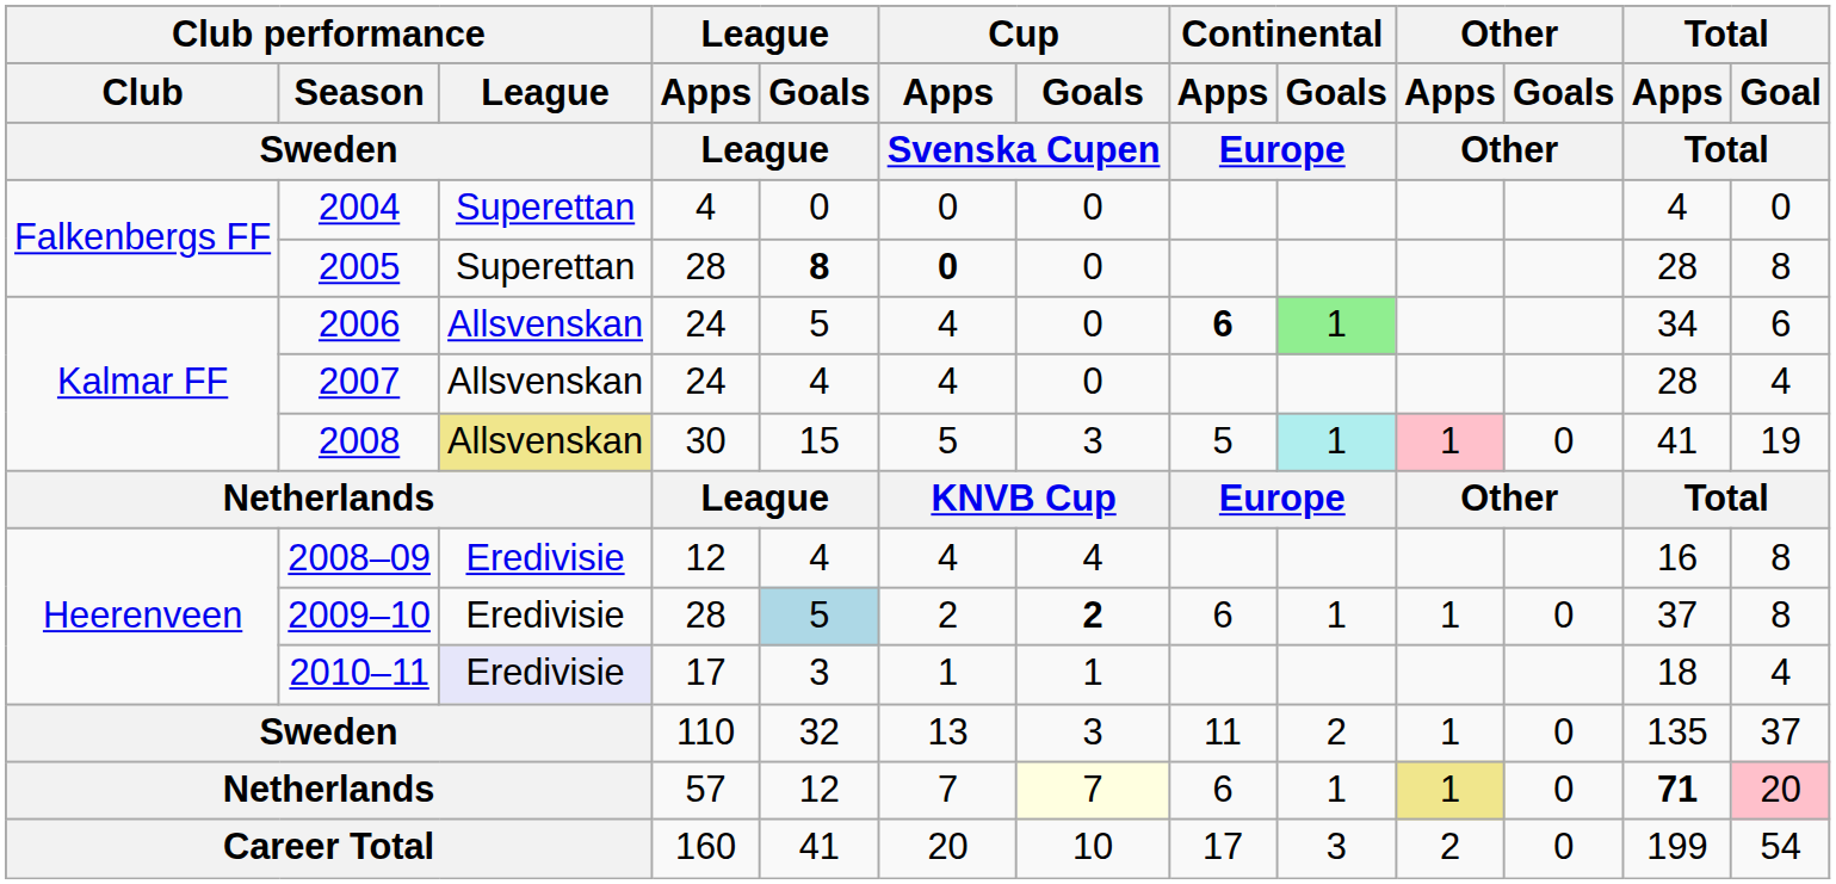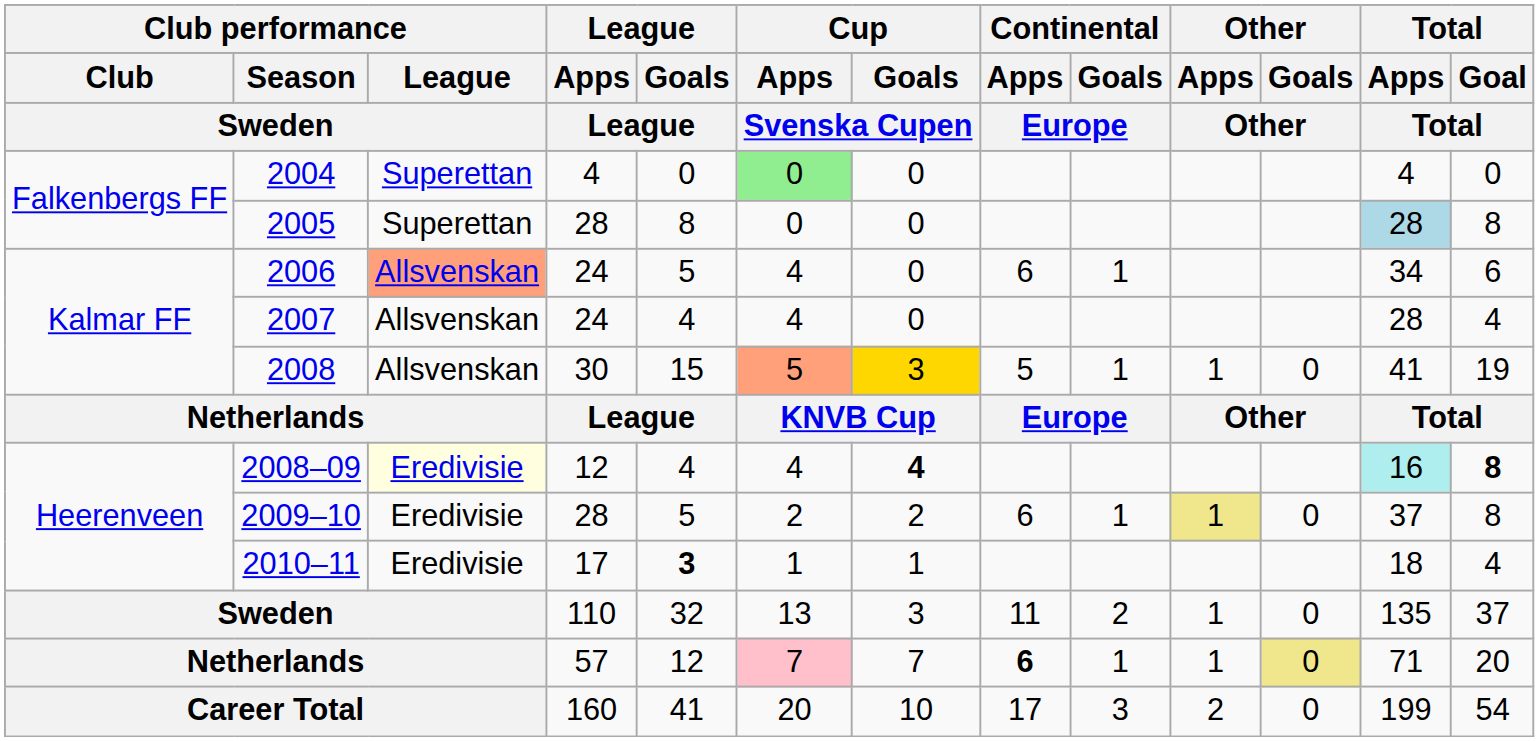 <table class="wikitable" style="text-align:center;">
 <tr>
 <th colspan="3">Club performance</th>
 <th colspan="2">League</th>
 <th colspan="2">Cup</th>
 <th colspan="2">Continental</th>
 <th colspan="2">Other</th>
 <th colspan="2">Total</th>
 </tr>
 <tr>
 <th>Club</th>
 <th>Season</th>
 <th>League</th>
 <th>Apps</th>
 <th>Goals</th>
 <th>Apps</th>
 <th>Goals</th>
 <th>Apps</th>
 <th>Goals</th>
 <th>Apps</th>
 <th>Goals</th>
 <th>Apps</th>
 <th>Goal</th>
 </tr>
 <tr>
 <th colspan="3">Sweden</th>
 <th colspan="2">League</th>
 <th colspan="2"><a href='#'>Svenska Cupen</a></th>
 <th colspan="2"><a href='#'>Europe</a></th>
 <th colspan="2">Other</th>
 <th colspan="2">Total</th>
 </tr>
 <tr>
 <td rowspan="2"><a href='#'>Falkenbergs FF</a></td>
 <td><a href='#'>2004</a></td>
 <td><a href='#'>Superettan</a></td>
 <td>4</td>
 <td>0</td>
-<td>0</td>
+<td style="background: lightgreen;">0</td>
 <td>0</td>
 <td></td>
 <td></td>
 <td></td>
 <td></td>
 <td>4</td>
 <td>0</td>
 </tr>
 <tr>
 <td><a href='#'>2005</a></td>
 <td>Superettan</td>
 <td>28</td>
-<td><strong>8</strong></td>
-<td><strong>0</strong></td>
+<td>8</td>
+<td>0</td>
 <td>0</td>
 <td></td>
 <td></td>
 <td></td>
 <td></td>
-<td>28</td>
+<td style="background: lightblue;">28</td>
 <td>8</td>
 </tr>
 <tr>
 <td rowspan="3"><a href='#'>Kalmar FF</a></td>
 <td><a href='#'>2006</a></td>
-<td><a href='#'>Allsvenskan</a></td>
+<td style="background: lightsalmon;"><a href='#'>Allsvenskan</a></td>
 <td>24</td>
 <td>5</td>
 <td>4</td>
 <td>0</td>
-<td><strong>6</strong></td>
-<td style="background: lightgreen;">1</td>
+<td>6</td>
+<td>1</td>
 <td></td>
 <td></td>
 <td>34</td>
 <td>6</td>
 </tr>
 <tr>
 <td><a href='#'>2007</a></td>
 <td>Allsvenskan</td>
 <td>24</td>
 <td>4</td>
 <td>4</td>
 <td>0</td>
 <td></td>
 <td></td>
 <td></td>
 <td></td>
 <td>28</td>
 <td>4</td>
 </tr>
 <tr>
 <td><a href='#'>2008</a></td>
-<td style="background: khaki;">Allsvenskan</td>
+<td>Allsvenskan</td>
 <td>30</td>
 <td>15</td>
+<td style="background: lightsalmon;">5</td>
+<td style="background: gold;">3</td>
 <td>5</td>
-<td>3</td>
-<td>5</td>
-<td style="background: paleturquoise;">1</td>
-<td style="background: pink;">1</td>
+<td>1</td>
+<td>1</td>
 <td>0</td>
 <td>41</td>
 <td>19</td>
 </tr>
 <tr>
 <th colspan="3">Netherlands</th>
 <th colspan="2">League</th>
 <th colspan="2"><a href='#'>KNVB Cup</a></th>
 <th colspan="2"><a href='#'>Europe</a></th>
 <th colspan="2">Other</th>
 <th colspan="2">Total</th>
 </tr>
 <tr>
 <td rowspan="3"><a href='#'>Heerenveen</a></td>
 <td><a href='#'>2008–09</a></td>
-<td><a href='#'>Eredivisie</a></td>
+<td style="background: lightyellow;"><a href='#'>Eredivisie</a></td>
 <td>12</td>
 <td>4</td>
 <td>4</td>
-<td>4</td>
+<td><strong>4</strong></td>
 <td></td>
 <td></td>
 <td></td>
 <td></td>
-<td>16</td>
-<td>8</td>
+<td style="background: paleturquoise;">16</td>
+<td><strong>8</strong></td>
 </tr>
 <tr>
 <td><a href='#'>2009–10</a></td>
 <td>Eredivisie</td>
 <td>28</td>
-<td style="background: lightblue;">5</td>
+<td>5</td>
 <td>2</td>
-<td><strong>2</strong></td>
+<td>2</td>
 <td>6</td>
 <td>1</td>
-<td>1</td>
+<td style="background: khaki;">1</td>
 <td>0</td>
 <td>37</td>
 <td>8</td>
 </tr>
 <tr>
 <td><a href='#'>2010–11</a></td>
-<td style="background: lavender;">Eredivisie</td>
+<td>Eredivisie</td>
 <td>17</td>
-<td>3</td>
+<td><strong>3</strong></td>
 <td>1</td>
 <td>1</td>
 <td></td>
 <td></td>
 <td></td>
 <td></td>
 <td>18</td>
 <td>4</td>
 </tr>
 <tr>
 <th colspan="3">Sweden</th>
 <td>110</td>
 <td>32</td>
 <td>13</td>
 <td>3</td>
 <td>11</td>
 <td>2</td>
 <td>1</td>
 <td>0</td>
 <td>135</td>
 <td>37</td>
 </tr>
 <tr>
 <th colspan="3" !>Netherlands</th>
 <td>57</td>
 <td>12</td>
+<td style="background: pink;">7</td>
 <td>7</td>
-<td style="background: lightyellow;">7</td>
-<td>6</td>
+<td><strong>6</strong></td>
 <td>1</td>
-<td style="background: khaki;">1</td>
-<td>0</td>
-<td><strong>71</strong></td>
-<td style="background: pink;">20</td>
+<td>1</td>
+<td style="background: khaki;">0</td>
+<td>71</td>
+<td>20</td>
 </tr>
 <tr>
 <th colspan="3">Career Total</th>
 <td>160</td>
 <td>41</td>
 <td>20</td>
 <td>10</td>
 <td>17</td>
 <td>3</td>
 <td>2</td>
 <td>0</td>
 <td>199</td>
 <td>54</td>
 </tr>
 </table>
